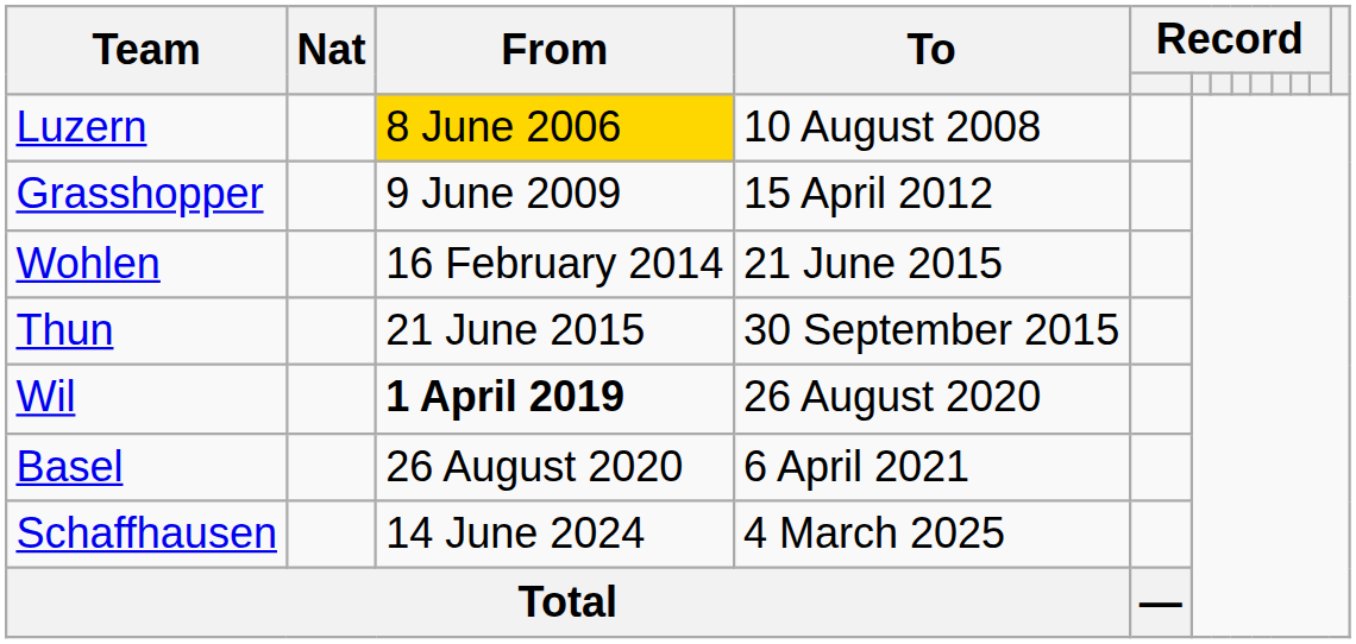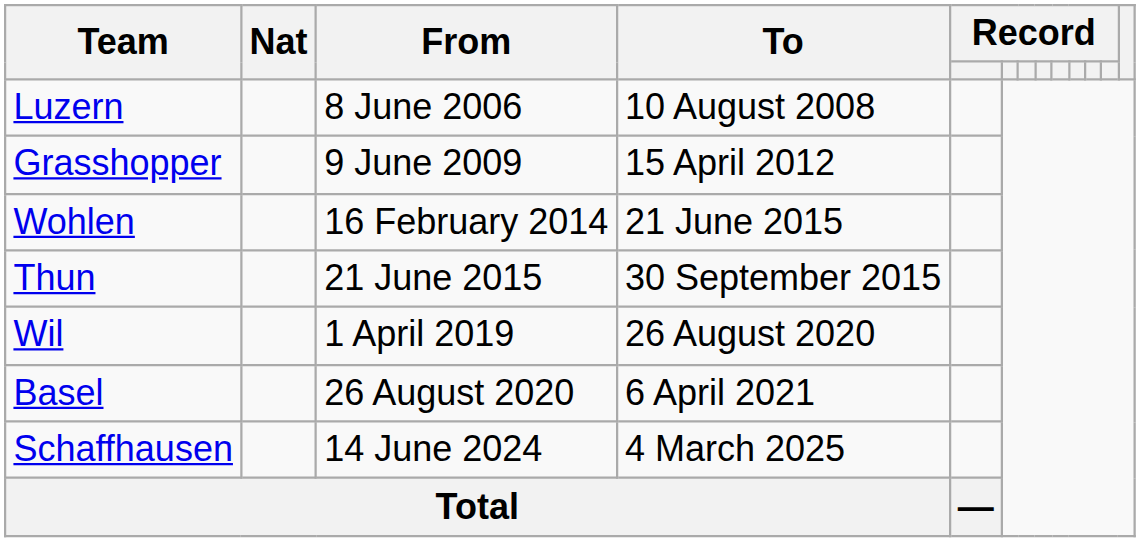 <table class="wikitable" style="text-align: center">
 <tr>
 <th rowspan="2">Team</th>
 <th rowspan="2">Nat</th>
 <th rowspan="2">From</th>
 <th rowspan="2">To</th>
 <th colspan="8">Record</th>
 <th rowspan=2></th>
 </tr>
 <tr>
 <th></th>
 <th></th>
 <th></th>
 <th></th>
 <th></th>
 <th></th>
 <th></th>
 <th></th>
 </tr>
 <tr>
 <td align=left><a href='#'>Luzern</a></td>
 <td></td>
-<td align=left style="background: gold;">8 June 2006</td>
+<td align=left>8 June 2006</td>
 <td align=left>10 August 2008<br></td>
 <td></td>
 </tr>
 <tr>
 <td align=left><a href='#'>Grasshopper</a></td>
 <td></td>
 <td align=left>9 June 2009</td>
 <td align=left>15 April 2012<br></td>
 <td></td>
 </tr>
 <tr>
 <td align=left><a href='#'>Wohlen</a></td>
 <td></td>
 <td align=left>16 February 2014</td>
 <td align=left>21 June 2015<br></td>
 <td></td>
 </tr>
 <tr>
 <td align=left><a href='#'>Thun</a></td>
 <td></td>
 <td align=left>21 June 2015</td>
 <td align=left>30 September 2015<br></td>
 <td></td>
 </tr>
 <tr>
 <td align=left><a href='#'>Wil</a></td>
 <td></td>
-<td align=left><strong>1 April 2019</strong></td>
+<td align=left>1 April 2019</td>
 <td align=left>26 August 2020<br></td>
 <td></td>
 </tr>
 <tr>
 <td align=left><a href='#'>Basel</a></td>
 <td></td>
 <td align=left>26 August 2020</td>
 <td align=left>6 April 2021<br></td>
 <td></td>
 </tr>
 <tr>
 <td align=left><a href='#'>Schaffhausen</a></td>
 <td></td>
 <td align=left>14 June 2024</td>
 <td align=left>4 March 2025<br></td>
 <td></td>
 </tr>
 <tr>
 <th colspan="4">Total<br></th>
 <th>—</th>
 </tr>
 </table>
